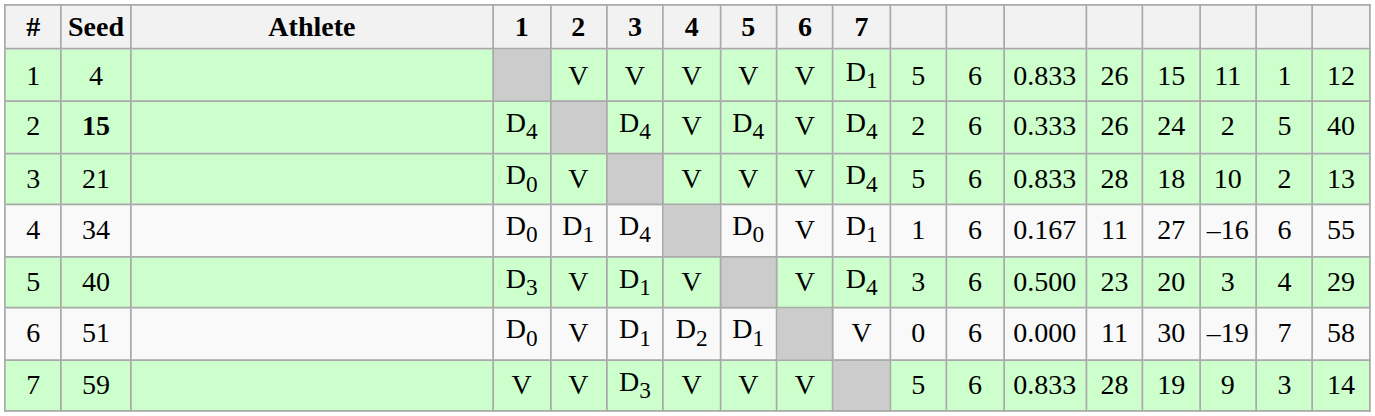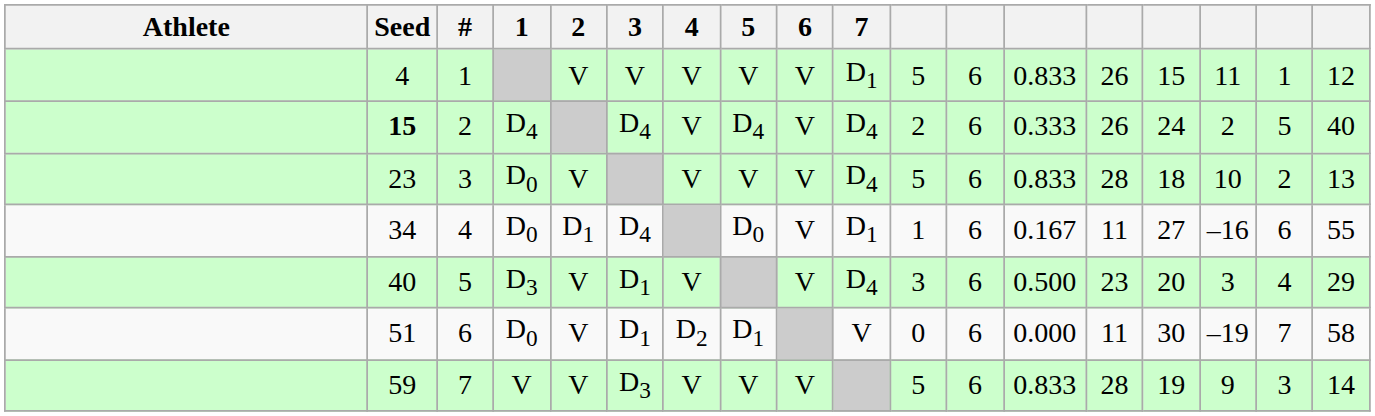 <table class="wikitable" style="text-align:center">
 <tr>
+<th width="200">Athlete</th>
+<th width="25">Seed</th>
 <th width="25">#</th>
-<th width="25">Seed</th>
-<th width="200">Athlete</th>
 <th width="25">1</th>
 <th width="25">2</th>
 <th width="25">3</th>
 <th width="25">4</th>
 <th width="25">5</th>
 <th width="25">6</th>
 <th width="25">7</th>
 <th width="25"></th>
 <th width="25"></th>
 <th width="40"></th>
 <th width="25"></th>
 <th width="25"></th>
 <th width="25"></th>
 <th width="25"></th>
 <th width="25"></th>
 </tr>
 <tr bgcolor="#ccffcc">
+<td align=left></td>
+<td>4</td>
 <td>1</td>
-<td>4</td>
-<td align=left></td>
 <td bgcolor="#cccccc"></td>
 <td>V</td>
 <td>V</td>
 <td>V</td>
 <td>V</td>
 <td>V</td>
 <td>D<sub>1</sub></td>
 <td>5</td>
 <td>6</td>
 <td>0.833</td>
 <td>26</td>
 <td>15</td>
 <td>11</td>
 <td>1</td>
 <td>12</td>
 </tr>
 <tr bgcolor="#ccffcc">
+<td align=left></td>
+<td><strong>15</strong></td>
 <td>2</td>
-<td><strong>15</strong></td>
-<td align=left></td>
 <td>D<sub>4</sub></td>
 <td bgcolor="#cccccc"></td>
 <td>D<sub>4</sub></td>
 <td>V</td>
 <td>D<sub>4</sub></td>
 <td>V</td>
 <td>D<sub>4</sub></td>
 <td>2</td>
 <td>6</td>
 <td>0.333</td>
 <td>26</td>
 <td>24</td>
 <td>2</td>
 <td>5</td>
 <td>40</td>
 </tr>
 <tr bgcolor="#ccffcc">
+<td align=left></td>
+<td>23</td>
 <td>3</td>
-<td>21</td>
-<td align=left></td>
 <td>D<sub>0</sub></td>
 <td>V</td>
 <td bgcolor="#cccccc"></td>
 <td>V</td>
 <td>V</td>
 <td>V</td>
 <td>D<sub>4</sub></td>
 <td>5</td>
 <td>6</td>
 <td>0.833</td>
 <td>28</td>
 <td>18</td>
 <td>10</td>
 <td>2</td>
 <td>13</td>
 </tr>
 <tr>
+<td align=left></td>
+<td>34</td>
 <td>4</td>
-<td>34</td>
-<td align=left></td>
 <td>D<sub>0</sub></td>
 <td>D<sub>1</sub></td>
 <td>D<sub>4</sub></td>
 <td bgcolor="#cccccc"></td>
 <td>D<sub>0</sub></td>
 <td>V</td>
 <td>D<sub>1</sub></td>
 <td>1</td>
 <td>6</td>
 <td>0.167</td>
 <td>11</td>
 <td>27</td>
 <td>–16</td>
 <td>6</td>
 <td>55</td>
 </tr>
 <tr bgcolor="#ccffcc">
+<td align=left></td>
+<td>40</td>
 <td>5</td>
-<td>40</td>
-<td align=left></td>
 <td>D<sub>3</sub></td>
 <td>V</td>
 <td>D<sub>1</sub></td>
 <td>V</td>
 <td bgcolor="#cccccc"></td>
 <td>V</td>
 <td>D<sub>4</sub></td>
 <td>3</td>
 <td>6</td>
 <td>0.500</td>
 <td>23</td>
 <td>20</td>
 <td>3</td>
 <td>4</td>
 <td>29</td>
 </tr>
 <tr>
+<td align=left></td>
+<td>51</td>
 <td>6</td>
-<td>51</td>
-<td align=left></td>
 <td>D<sub>0</sub></td>
 <td>V</td>
 <td>D<sub>1</sub></td>
 <td>D<sub>2</sub></td>
 <td>D<sub>1</sub></td>
 <td bgcolor="#cccccc"></td>
 <td>V</td>
 <td>0</td>
 <td>6</td>
 <td>0.000</td>
 <td>11</td>
 <td>30</td>
 <td>–19</td>
 <td>7</td>
 <td>58</td>
 </tr>
 <tr bgcolor="#ccffcc">
+<td align=left></td>
+<td>59</td>
 <td>7</td>
-<td>59</td>
-<td align=left></td>
 <td>V</td>
 <td>V</td>
 <td>D<sub>3</sub></td>
 <td>V</td>
 <td>V</td>
 <td>V</td>
 <td bgcolor="#cccccc"></td>
 <td>5</td>
 <td>6</td>
 <td>0.833</td>
 <td>28</td>
 <td>19</td>
 <td>9</td>
 <td>3</td>
 <td>14</td>
 </tr>
 </table>
